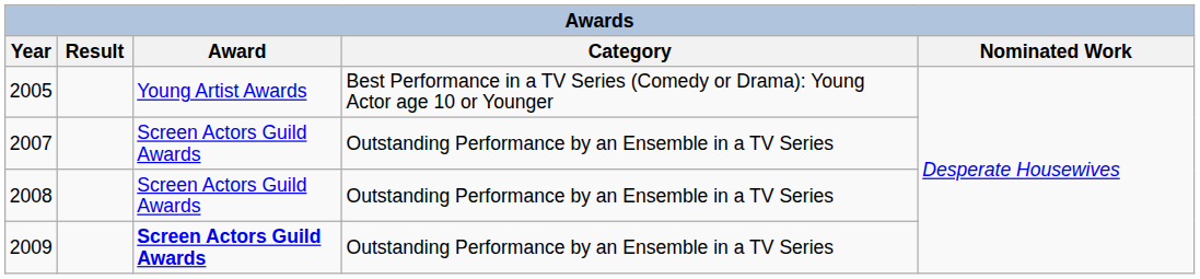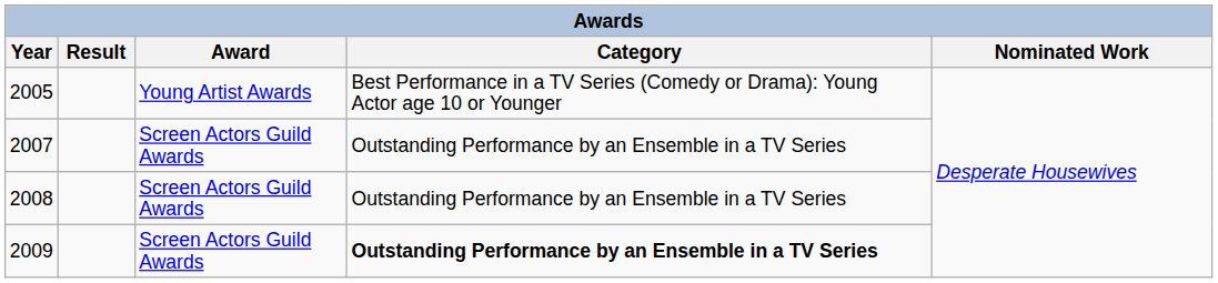 <table class="wikitable" style="font-size: 90%;">
 <tr>
 <th colspan="5" style="background: LightSteelBlue;">Awards</th>
 </tr>
 <tr>
 <th>Year</th>
 <th width="50">Result</th>
 <th width="150">Award</th>
 <th width="425">Category</th>
 <th width="200">Nominated Work</th>
 </tr>
 <tr>
 <td>2005</td>
 <td></td>
 <td><a href='#'>Young Artist Awards</a></td>
 <td>Best Performance in a TV Series (Comedy or Drama): Young Actor age 10 or Younger</td>
 <td rowspan=4><em><a href='#'>Desperate Housewives</a></em></td>
 </tr>
 <tr>
 <td>2007</td>
 <td></td>
 <td><a href='#'>Screen Actors Guild Awards</a></td>
 <td>Outstanding Performance by an Ensemble in a TV Series</td>
 </tr>
 <tr>
 <td>2008</td>
 <td></td>
 <td><a href='#'>Screen Actors Guild Awards</a></td>
 <td>Outstanding Performance by an Ensemble in a TV Series</td>
 </tr>
 <tr>
 <td>2009</td>
 <td></td>
-<td><strong><a href='#'>Screen Actors Guild Awards</a></strong></td>
-<td>Outstanding Performance by an Ensemble in a TV Series</td>
+<td><a href='#'>Screen Actors Guild Awards</a></td>
+<td><strong>Outstanding Performance by an Ensemble in a TV Series</strong></td>
 </tr>
 </table>
